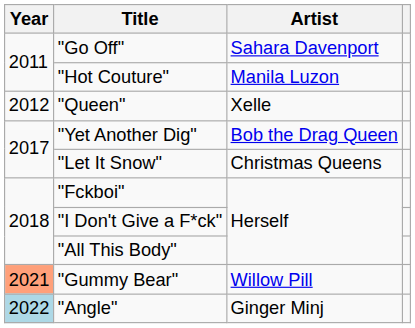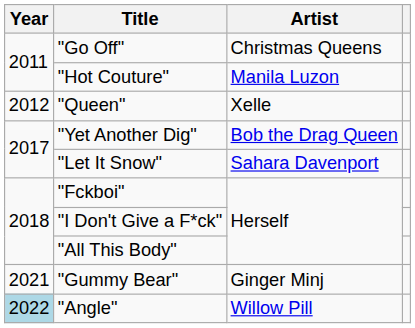 <table class="wikitable plainrowheaders" style="text-align:left;">
 <tr>
 <th>Year</th>
 <th>Title</th>
 <th>Artist</th>
 <th></th>
 </tr>
 <tr>
 <td rowspan=2>2011</td>
 <td>"Go Off"</td>
-<td><a href='#'>Sahara Davenport</a></td>
+<td>Christmas Queens</td>
 <td></td>
 </tr>
 <tr>
 <td>"Hot Couture"</td>
 <td><a href='#'>Manila Luzon</a></td>
 <td></td>
 </tr>
 <tr>
 <td>2012</td>
 <td>"Queen"</td>
 <td>Xelle</td>
 <td></td>
 </tr>
 <tr>
 <td rowspan=2>2017</td>
 <td>"Yet Another Dig"</td>
 <td><a href='#'>Bob the Drag Queen</a></td>
 <td></td>
 </tr>
 <tr>
 <td>"Let It Snow"</td>
-<td>Christmas Queens</td>
+<td><a href='#'>Sahara Davenport</a></td>
 <td></td>
 </tr>
 <tr>
 <td rowspan=3>2018</td>
 <td>"Fckboi"</td>
 <td rowspan=3>Herself</td>
 <td></td>
 </tr>
 <tr>
 <td>"I Don't Give a F*ck"</td>
 <td></td>
 </tr>
 <tr>
 <td>"All This Body"</td>
 <td></td>
 </tr>
 <tr>
-<td style="background: lightsalmon;">2021</td>
+<td>2021</td>
 <td>"Gummy Bear"</td>
-<td><a href='#'>Willow Pill</a></td>
+<td>Ginger Minj</td>
 <td></td>
 </tr>
 <tr>
 <td style="background: lightblue;">2022</td>
 <td>"Angle"</td>
-<td>Ginger Minj</td>
+<td><a href='#'>Willow Pill</a></td>
 <td></td>
 </tr>
 </table>
